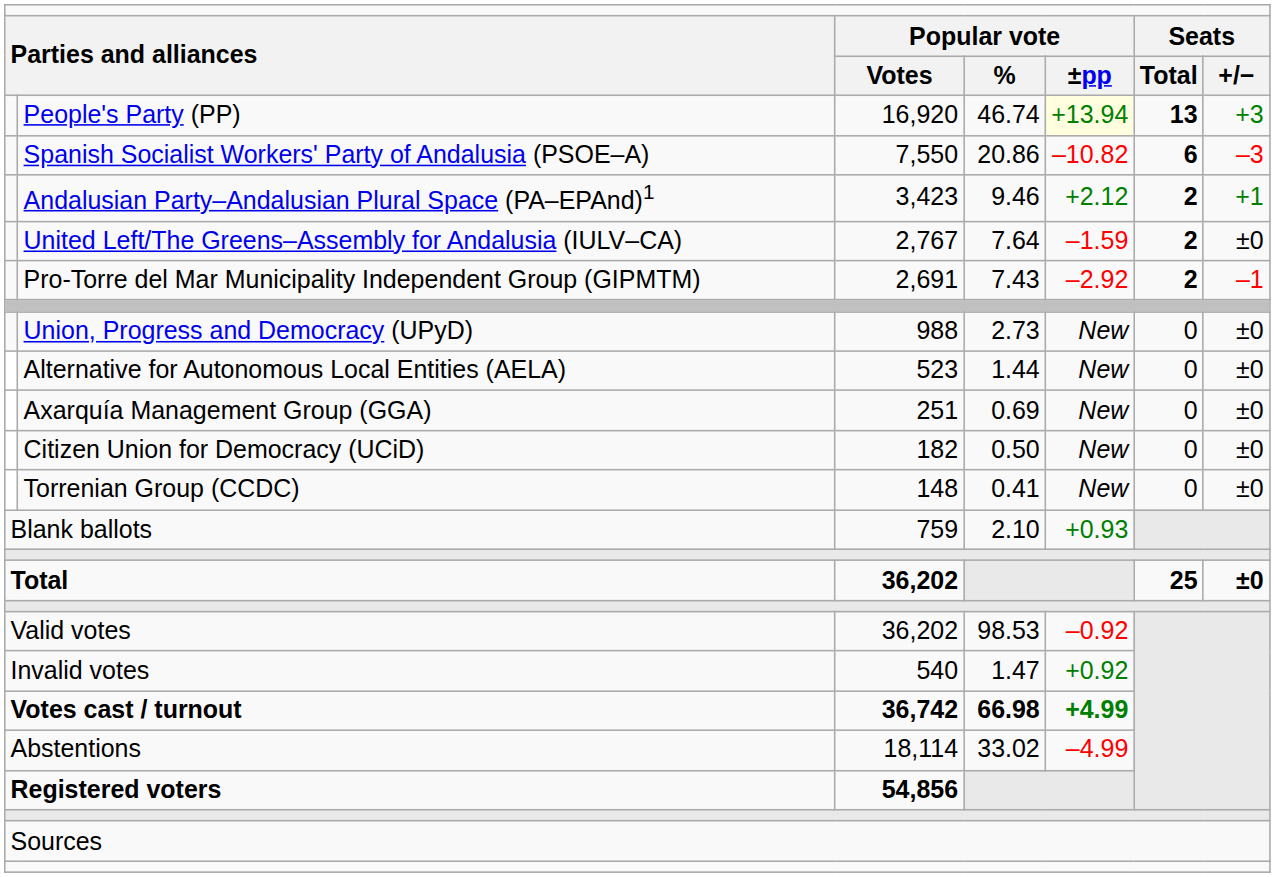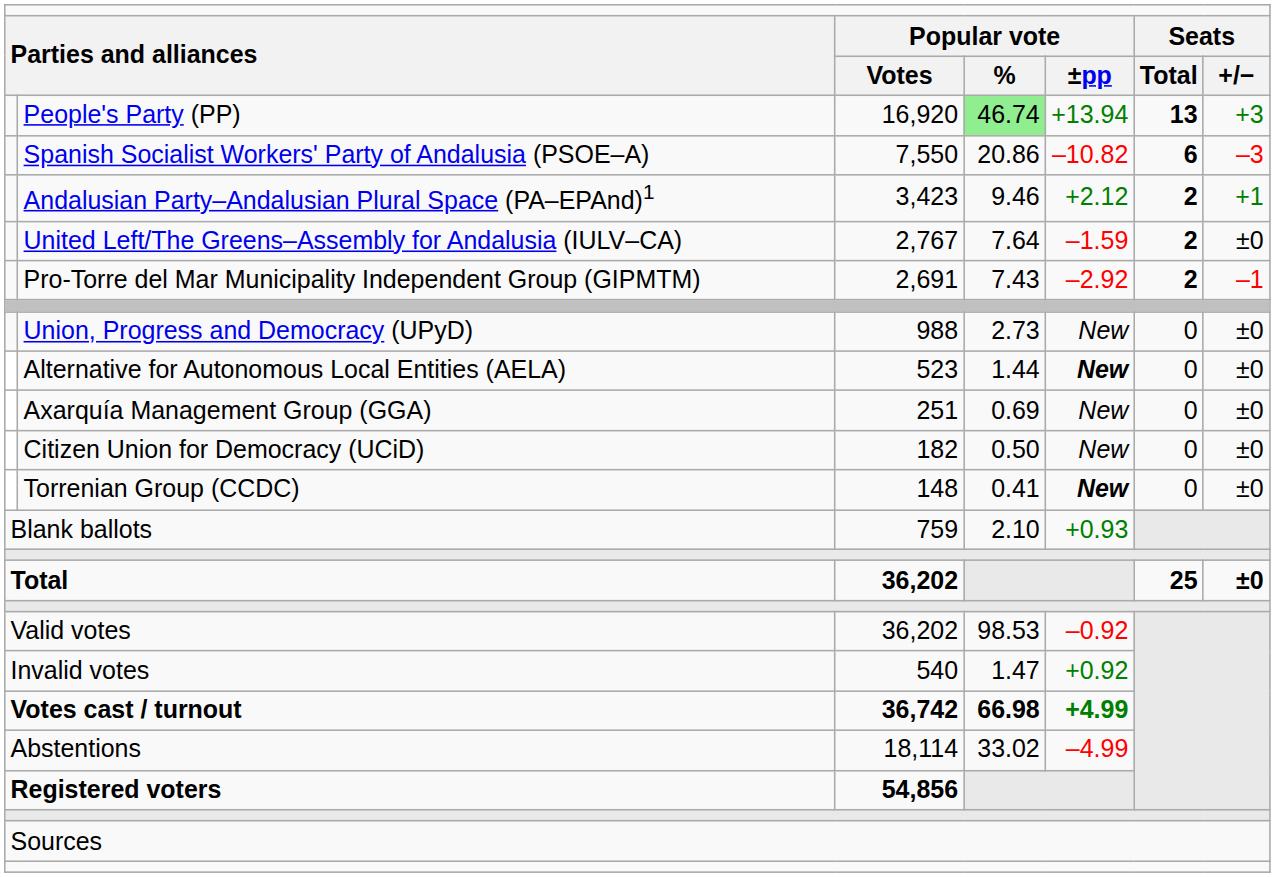 <table class="wikitable" style="text-align:right;">
 <tr>
 <td colspan="7"></td>
 </tr>
 <tr>
 <th style="text-align:left;" rowspan="2" colspan="2" width="525">Parties and alliances</th>
 <th colspan="3">Popular vote</th>
 <th colspan="2">Seats</th>
 </tr>
 <tr>
 <th width="75">Votes</th>
 <th width="45">%</th>
 <th width="45">±<a href='#'>pp</a></th>
 <th width="35">Total</th>
 <th width="35">+/−</th>
 </tr>
 <tr>
 <td width="1" style="color:inherit;background:"></td>
 <td align="left"><a href='#'>People's Party</a> (PP)</td>
 <td>16,920</td>
-<td>46.74</td>
-<td style="background: lightyellow; color:green;">+13.94</td>
+<td style="background: lightgreen;">46.74</td>
+<td style="color:green;">+13.94</td>
 <td><strong>13</strong></td>
 <td style="color:green;">+3</td>
 </tr>
 <tr>
 <td style="color:inherit;background:"></td>
 <td align="left"><a href='#'>Spanish Socialist Workers' Party of Andalusia</a> (PSOE–A)</td>
 <td>7,550</td>
 <td>20.86</td>
 <td style="color:red;">–10.82</td>
 <td><strong>6</strong></td>
 <td style="color:red;">–3</td>
 </tr>
 <tr>
 <td style="color:inherit;background:"></td>
 <td align="left"><a href='#'>Andalusian Party–Andalusian Plural Space</a> (PA–EPAnd)<sup>1</sup></td>
 <td>3,423</td>
 <td>9.46</td>
 <td style="color:green;">+2.12</td>
 <td><strong>2</strong></td>
 <td style="color:green;">+1</td>
 </tr>
 <tr>
 <td style="color:inherit;background:"></td>
 <td align="left"><a href='#'>United Left/The Greens–Assembly for Andalusia</a> (IULV–CA)</td>
 <td>2,767</td>
 <td>7.64</td>
 <td style="color:red;">–1.59</td>
 <td><strong>2</strong></td>
 <td>±0</td>
 </tr>
 <tr>
 <td style="color:inherit;background:"></td>
 <td align="left">Pro-Torre del Mar Municipality Independent Group (GIPMTM)</td>
 <td>2,691</td>
 <td>7.43</td>
 <td style="color:red;">–2.92</td>
 <td><strong>2</strong></td>
 <td style="color:red;">–1</td>
 </tr>
 <tr>
 <td colspan="7" bgcolor="#C0C0C0"></td>
 </tr>
 <tr>
 <td style="color:inherit;background:"></td>
 <td align="left"><a href='#'>Union, Progress and Democracy</a> (UPyD)</td>
 <td>988</td>
 <td>2.73</td>
 <td><em>New</em></td>
 <td>0</td>
 <td>±0</td>
 </tr>
 <tr>
 <td bgcolor="white"></td>
 <td align="left">Alternative for Autonomous Local Entities (AELA)</td>
 <td>523</td>
 <td>1.44</td>
-<td><em>New</em></td>
+<td><strong><em>New</em></strong></td>
 <td>0</td>
 <td>±0</td>
 </tr>
 <tr>
 <td bgcolor="white"></td>
 <td align="left">Axarquía Management Group (GGA)</td>
 <td>251</td>
 <td>0.69</td>
 <td><em>New</em></td>
 <td>0</td>
 <td>±0</td>
 </tr>
 <tr>
 <td bgcolor="white"></td>
 <td align="left">Citizen Union for Democracy (UCiD)</td>
 <td>182</td>
 <td>0.50</td>
 <td><em>New</em></td>
 <td>0</td>
 <td>±0</td>
 </tr>
 <tr>
 <td bgcolor="white"></td>
 <td align="left">Torrenian Group (CCDC)</td>
 <td>148</td>
 <td>0.41</td>
-<td><em>New</em></td>
+<td><strong><em>New</em></strong></td>
 <td>0</td>
 <td>±0</td>
 </tr>
 <tr>
 <td align="left" colspan="2">Blank ballots</td>
 <td>759</td>
 <td>2.10</td>
 <td style="color:green;">+0.93</td>
 <td bgcolor="#E9E9E9" colspan="2"></td>
 </tr>
 <tr>
 <td colspan="7" bgcolor="#E9E9E9"></td>
 </tr>
 <tr style="font-weight:bold;">
 <td align="left" colspan="2">Total</td>
 <td>36,202</td>
 <td bgcolor="#E9E9E9" colspan="2"></td>
 <td>25</td>
 <td>±0</td>
 </tr>
 <tr>
 <td colspan="7" bgcolor="#E9E9E9"></td>
 </tr>
 <tr>
 <td align="left" colspan="2">Valid votes</td>
 <td>36,202</td>
 <td>98.53</td>
 <td style="color:red;">–0.92</td>
 <td bgcolor="#E9E9E9" colspan="2" rowspan="5"></td>
 </tr>
 <tr>
 <td align="left" colspan="2">Invalid votes</td>
 <td>540</td>
 <td>1.47</td>
 <td style="color:green;">+0.92</td>
 </tr>
 <tr style="font-weight:bold;">
 <td align="left" colspan="2">Votes cast / turnout</td>
 <td>36,742</td>
 <td>66.98</td>
 <td style="color:green;">+4.99</td>
 </tr>
 <tr>
 <td align="left" colspan="2">Abstentions</td>
 <td>18,114</td>
 <td>33.02</td>
 <td style="color:red;">–4.99</td>
 </tr>
 <tr style="font-weight:bold;">
 <td align="left" colspan="2">Registered voters</td>
 <td>54,856</td>
 <td bgcolor="#E9E9E9" colspan="2"></td>
 </tr>
 <tr>
 <td colspan="7" bgcolor="#E9E9E9"></td>
 </tr>
 <tr>
 <td align="left" colspan="7">Sources</td>
 </tr>
 <tr>
 <td colspan="7" style="text-align:left; max-width:790px;"></td>
 </tr>
 </table>
